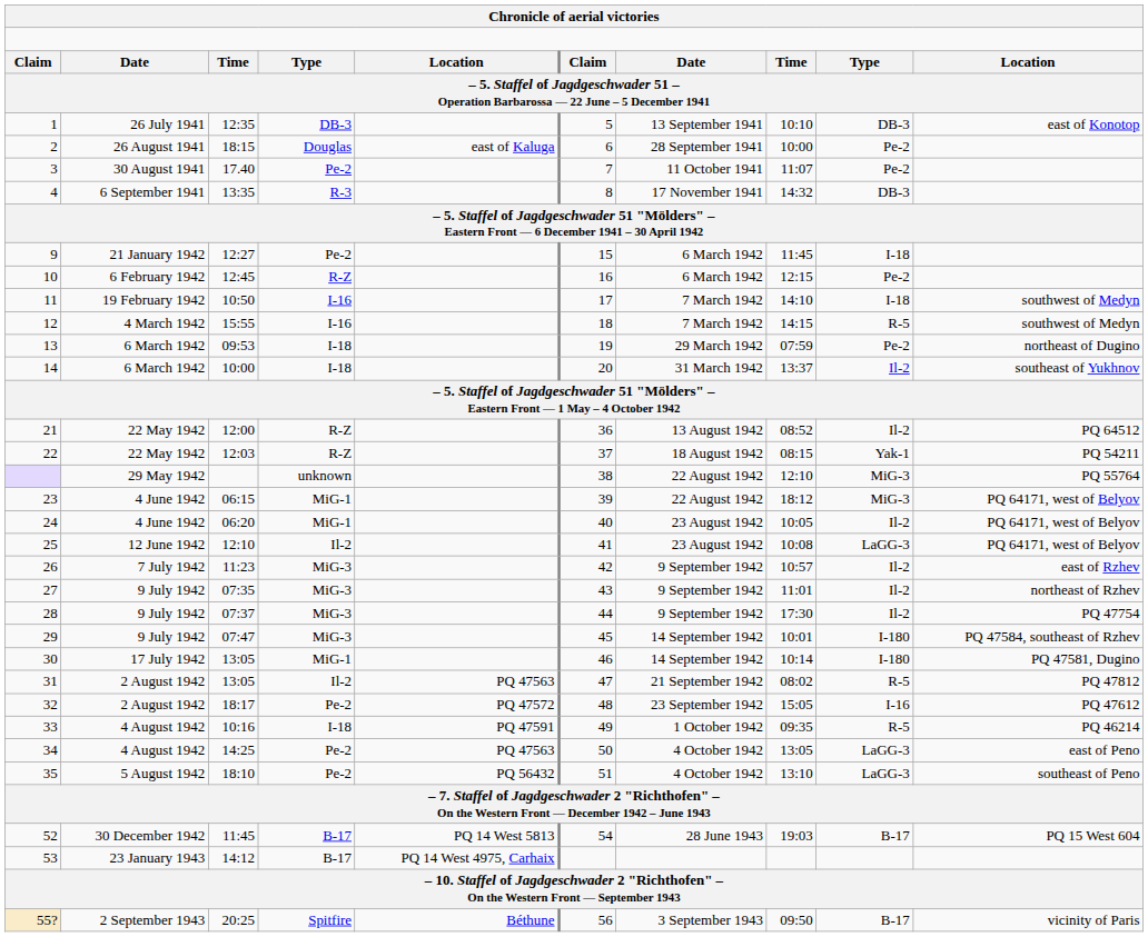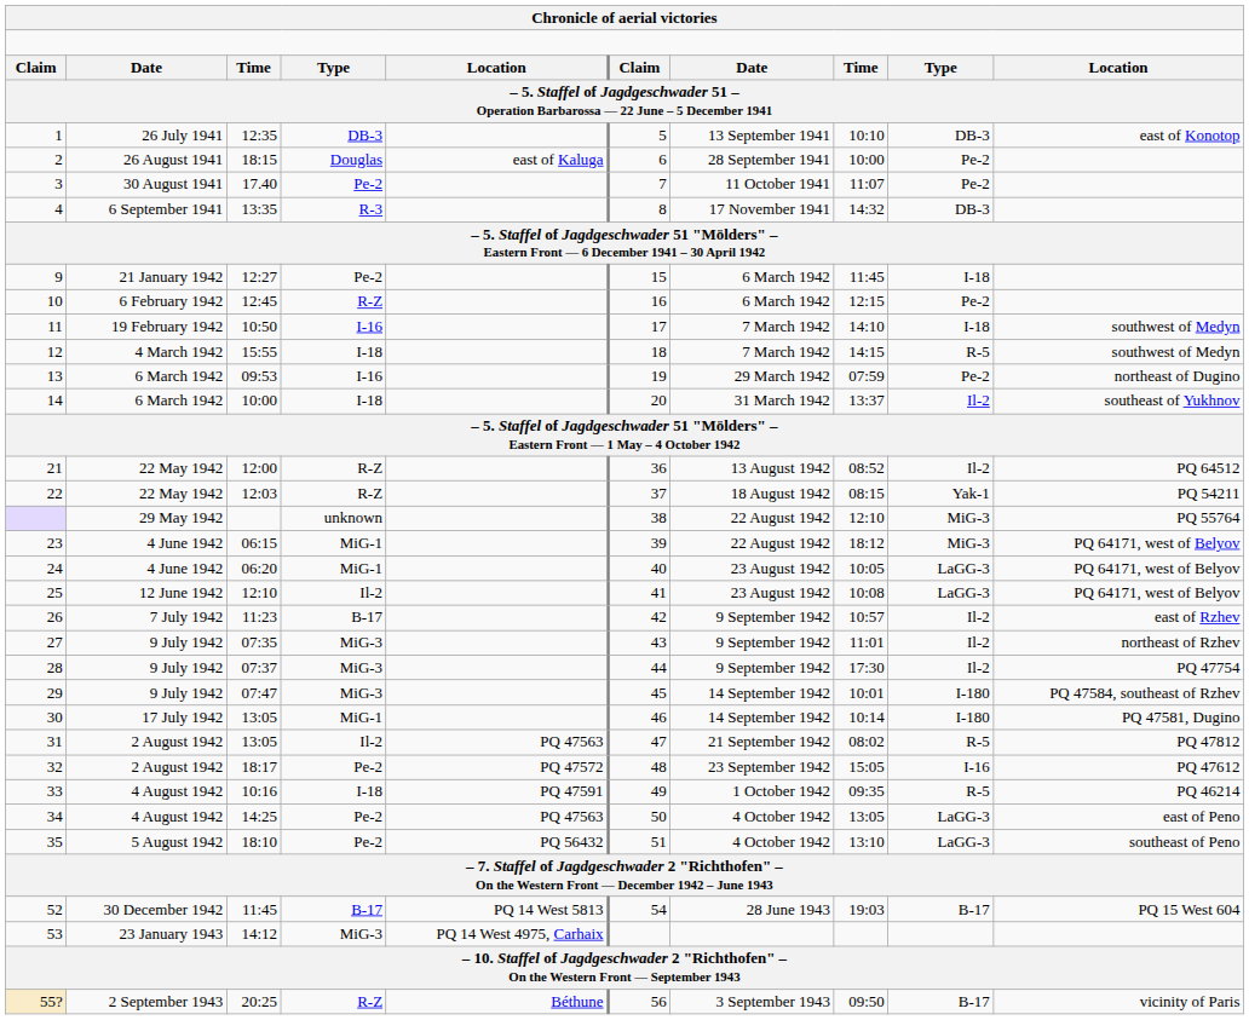 <table class="wikitable plainrowheaders collapsible" style="margin-left: auto; margin-right: auto; border: none; text-align:right; width: 100%;">
 <tr>
 <th colspan="10">Chronicle of aerial victories</th>
 </tr>
 <tr>
 <td colspan="10" style="text-align: left;"><br> </td>
 </tr>
 <tr>
 <th scope="col">Claim</th>
 <th scope="col">Date</th>
 <th scope="col">Time</th>
 <th scope="col" width="100px">Type</th>
 <th scope="col">Location</th>
 <th scope="col" style="border-left: 3px solid grey;">Claim</th>
 <th scope="col">Date</th>
 <th scope="col">Time</th>
 <th scope="col" width="100px">Type</th>
 <th scope="col">Location</th>
 </tr>
 <tr>
 <th colspan="10">– 5. <em>Staffel</em> of <em>Jagdgeschwader</em> 51 –<br><small>Operation Barbarossa — 22 June – 5 December 1941</small></th>
 </tr>
 <tr>
 <td>1</td>
 <td>26 July 1941</td>
 <td>12:35</td>
 <td><a href='#'>DB-3</a></td>
 <td></td>
 <td style="border-left: 3px solid grey;">5</td>
 <td>13 September 1941</td>
 <td>10:10</td>
 <td>DB-3</td>
 <td>east of <a href='#'>Konotop</a></td>
 </tr>
 <tr>
 <td>2</td>
 <td>26 August 1941</td>
 <td>18:15</td>
 <td><a href='#'>Douglas</a></td>
 <td> east of <a href='#'>Kaluga</a></td>
 <td style="border-left: 3px solid grey;">6</td>
 <td>28 September 1941</td>
 <td>10:00</td>
 <td>Pe-2</td>
 <td></td>
 </tr>
 <tr>
 <td>3</td>
 <td>30 August 1941</td>
 <td>17.40</td>
 <td><a href='#'>Pe-2</a></td>
 <td></td>
 <td style="border-left: 3px solid grey;">7</td>
 <td>11 October 1941</td>
 <td>11:07</td>
 <td>Pe-2</td>
 <td></td>
 </tr>
 <tr>
 <td>4</td>
 <td>6 September 1941</td>
 <td>13:35</td>
 <td><a href='#'>R-3</a></td>
 <td></td>
 <td style="border-left: 3px solid grey;">8</td>
 <td>17 November 1941</td>
 <td>14:32</td>
 <td>DB-3</td>
 <td></td>
 </tr>
 <tr>
 <th colspan="10">– 5. <em>Staffel</em> of <em>Jagdgeschwader</em> 51 "Mölders" –<br><small>Eastern Front — 6 December 1941 – 30 April 1942</small></th>
 </tr>
 <tr>
 <td>9</td>
 <td>21 January 1942</td>
 <td>12:27</td>
 <td>Pe-2</td>
 <td></td>
 <td style="border-left: 3px solid grey;">15</td>
 <td>6 March 1942</td>
 <td>11:45</td>
 <td>I-18</td>
 <td></td>
 </tr>
 <tr>
 <td>10</td>
 <td>6 February 1942</td>
 <td>12:45</td>
 <td><a href='#'>R-Z</a></td>
 <td></td>
 <td style="border-left: 3px solid grey;">16</td>
 <td>6 March 1942</td>
 <td>12:15</td>
 <td>Pe-2</td>
 <td></td>
 </tr>
 <tr>
 <td>11</td>
 <td>19 February 1942</td>
 <td>10:50</td>
 <td><a href='#'>I-16</a></td>
 <td></td>
 <td style="border-left: 3px solid grey;">17</td>
 <td>7 March 1942</td>
 <td>14:10</td>
 <td>I-18</td>
 <td>southwest of <a href='#'>Medyn</a></td>
 </tr>
 <tr>
 <td>12</td>
 <td>4 March 1942</td>
 <td>15:55</td>
-<td>I-16</td>
+<td>I-18</td>
 <td></td>
 <td style="border-left: 3px solid grey;">18</td>
 <td>7 March 1942</td>
 <td>14:15</td>
 <td>R-5</td>
 <td>southwest of Medyn</td>
 </tr>
 <tr>
 <td>13</td>
 <td>6 March 1942</td>
 <td>09:53</td>
-<td>I-18</td>
+<td>I-16</td>
 <td></td>
 <td style="border-left: 3px solid grey;">19</td>
 <td>29 March 1942</td>
 <td>07:59</td>
 <td>Pe-2</td>
 <td>northeast of Dugino</td>
 </tr>
 <tr>
 <td>14</td>
 <td>6 March 1942</td>
 <td>10:00</td>
 <td>I-18</td>
 <td></td>
 <td style="border-left: 3px solid grey;">20</td>
 <td>31 March 1942</td>
 <td>13:37</td>
 <td><a href='#'>Il-2</a></td>
 <td>southeast of <a href='#'>Yukhnov</a></td>
 </tr>
 <tr>
 <th colspan="10">– 5. <em>Staffel</em> of <em>Jagdgeschwader</em> 51 "Mölders" –<br><small>Eastern Front — 1 May – 4 October 1942</small></th>
 </tr>
 <tr>
 <td>21</td>
 <td>22 May 1942</td>
 <td>12:00</td>
 <td>R-Z</td>
 <td></td>
 <td style="border-left: 3px solid grey;">36</td>
 <td>13 August 1942</td>
 <td>08:52</td>
 <td>Il-2</td>
 <td>PQ 64512</td>
 </tr>
 <tr>
 <td>22</td>
 <td>22 May 1942</td>
 <td>12:03</td>
 <td>R-Z</td>
 <td></td>
 <td style="border-left: 3px solid grey;">37</td>
 <td>18 August 1942</td>
 <td>08:15</td>
 <td>Yak-1</td>
 <td>PQ 54211</td>
 </tr>
 <tr>
 <td style="background:#e3d9ff;"></td>
 <td>29 May 1942</td>
 <td></td>
 <td>unknown</td>
 <td></td>
 <td style="border-left: 3px solid grey;">38</td>
 <td>22 August 1942</td>
 <td>12:10</td>
 <td>MiG-3</td>
 <td>PQ 55764</td>
 </tr>
 <tr>
 <td>23</td>
 <td>4 June 1942</td>
 <td>06:15</td>
 <td>MiG-1</td>
 <td></td>
 <td style="border-left: 3px solid grey;">39</td>
 <td>22 August 1942</td>
 <td>18:12</td>
 <td>MiG-3</td>
 <td>PQ 64171, west of <a href='#'>Belyov</a></td>
 </tr>
 <tr>
 <td>24</td>
 <td>4 June 1942</td>
 <td>06:20</td>
 <td>MiG-1</td>
 <td></td>
 <td style="border-left: 3px solid grey;">40</td>
 <td>23 August 1942</td>
 <td>10:05</td>
-<td>Il-2</td>
+<td>LaGG-3</td>
 <td>PQ 64171, west of Belyov</td>
 </tr>
 <tr>
 <td>25</td>
 <td>12 June 1942</td>
 <td>12:10</td>
 <td>Il-2</td>
 <td></td>
 <td style="border-left: 3px solid grey;">41</td>
 <td>23 August 1942</td>
 <td>10:08</td>
 <td>LaGG-3</td>
 <td>PQ 64171, west of Belyov</td>
 </tr>
 <tr>
 <td>26</td>
 <td>7 July 1942</td>
 <td>11:23</td>
-<td>MiG-3</td>
+<td>B-17</td>
 <td></td>
 <td style="border-left: 3px solid grey;">42</td>
 <td>9 September 1942</td>
 <td>10:57</td>
 <td>Il-2</td>
 <td>east of <a href='#'>Rzhev</a></td>
 </tr>
 <tr>
 <td>27</td>
 <td>9 July 1942</td>
 <td>07:35</td>
 <td>MiG-3</td>
 <td></td>
 <td style="border-left: 3px solid grey;">43</td>
 <td>9 September 1942</td>
 <td>11:01</td>
 <td>Il-2</td>
 <td>northeast of Rzhev</td>
 </tr>
 <tr>
 <td>28</td>
 <td>9 July 1942</td>
 <td>07:37</td>
 <td>MiG-3</td>
 <td></td>
 <td style="border-left: 3px solid grey;">44</td>
 <td>9 September 1942</td>
 <td>17:30</td>
 <td>Il-2</td>
 <td>PQ 47754</td>
 </tr>
 <tr>
 <td>29</td>
 <td>9 July 1942</td>
 <td>07:47</td>
 <td>MiG-3</td>
 <td></td>
 <td style="border-left: 3px solid grey;">45</td>
 <td>14 September 1942</td>
 <td>10:01</td>
 <td>I-180</td>
 <td>PQ 47584, southeast of Rzhev</td>
 </tr>
 <tr>
 <td>30</td>
 <td>17 July 1942</td>
 <td>13:05</td>
 <td>MiG-1</td>
 <td></td>
 <td style="border-left: 3px solid grey;">46</td>
 <td>14 September 1942</td>
 <td>10:14</td>
 <td>I-180</td>
 <td>PQ 47581, Dugino</td>
 </tr>
 <tr>
 <td>31</td>
 <td>2 August 1942</td>
 <td>13:05</td>
 <td>Il-2</td>
 <td>PQ 47563</td>
 <td style="border-left: 3px solid grey;">47</td>
 <td>21 September 1942</td>
 <td>08:02</td>
 <td>R-5</td>
 <td>PQ 47812</td>
 </tr>
 <tr>
 <td>32</td>
 <td>2 August 1942</td>
 <td>18:17</td>
 <td>Pe-2</td>
 <td>PQ 47572</td>
 <td style="border-left: 3px solid grey;">48</td>
 <td>23 September 1942</td>
 <td>15:05</td>
 <td>I-16</td>
 <td>PQ 47612</td>
 </tr>
 <tr>
 <td>33</td>
 <td>4 August 1942</td>
 <td>10:16</td>
 <td>I-18</td>
 <td>PQ 47591</td>
 <td style="border-left: 3px solid grey;">49</td>
 <td>1 October 1942</td>
 <td>09:35</td>
 <td>R-5</td>
 <td>PQ 46214</td>
 </tr>
 <tr>
 <td>34</td>
 <td>4 August 1942</td>
 <td>14:25</td>
 <td>Pe-2</td>
 <td>PQ 47563</td>
 <td style="border-left: 3px solid grey;">50</td>
 <td>4 October 1942</td>
 <td>13:05</td>
 <td>LaGG-3</td>
 <td> east of Peno</td>
 </tr>
 <tr>
 <td>35</td>
 <td>5 August 1942</td>
 <td>18:10</td>
 <td>Pe-2</td>
 <td>PQ 56432</td>
 <td style="border-left: 3px solid grey;">51</td>
 <td>4 October 1942</td>
 <td>13:10</td>
 <td>LaGG-3</td>
 <td> southeast of Peno</td>
 </tr>
 <tr>
 <th colspan="10">– 7. <em>Staffel</em> of <em>Jagdgeschwader</em> 2 "Richthofen" –<br><small>On the Western Front — December 1942 – June 1943</small></th>
 </tr>
 <tr>
 <td>52</td>
 <td>30 December 1942</td>
 <td>11:45</td>
 <td><a href='#'>B-17</a></td>
 <td>PQ 14 West 5813</td>
 <td style="border-left: 3px solid grey;">54</td>
 <td>28 June 1943</td>
 <td>19:03</td>
 <td>B-17</td>
 <td>PQ 15 West 604</td>
 </tr>
 <tr>
 <td>53</td>
 <td>23 January 1943</td>
 <td>14:12</td>
-<td>B-17</td>
+<td>MiG-3</td>
 <td>PQ 14 West 4975, <a href='#'>Carhaix</a></td>
 <td style="border-left: 3px solid grey;"></td>
 <td></td>
 <td></td>
 <td></td>
 <td></td>
 </tr>
 <tr>
 <th colspan="10">– 10. <em>Staffel</em> of <em>Jagdgeschwader</em> 2 "Richthofen" –<br><small>On the Western Front — September 1943</small></th>
 </tr>
 <tr>
 <td style="background:#faecc8">55?</td>
 <td>2 September 1943</td>
 <td>20:25</td>
-<td><a href='#'>Spitfire</a></td>
+<td><a href='#'>R-Z</a></td>
 <td><a href='#'>Béthune</a></td>
 <td style="border-left: 3px solid grey;">56</td>
 <td>3 September 1943</td>
 <td>09:50</td>
 <td>B-17</td>
 <td>vicinity of Paris</td>
 </tr>
 </table>
